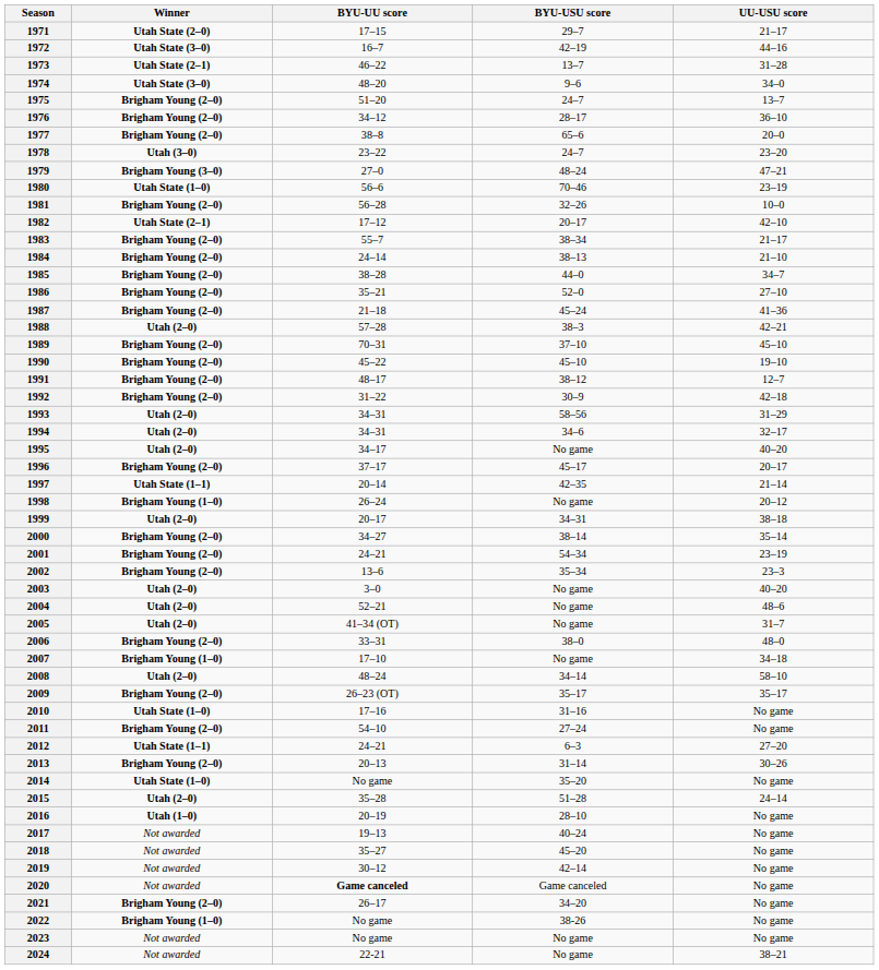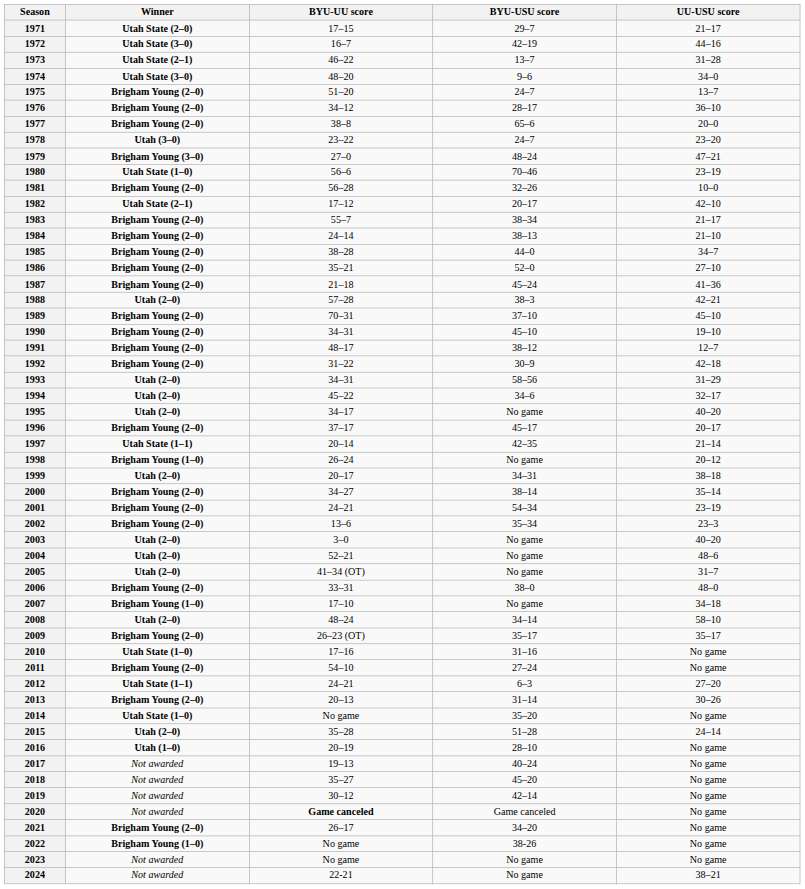 <table class="wikitable" style=text-align:center;"margin: 1em auto 1em auto" width="100%">
 <tr>
 <th width="5%">Season</th>
 <th width="15%">Winner</th>
 <th width="15%">BYU-UU score</th>
 <th width="15%">BYU-USU score</th>
 <th width="15%">UU-USU score</th>
 </tr>
 <tr>
 <th>1971</th>
 <td style=><strong>Utah State (2–0)</strong></td>
 <td style=>17–15</td>
 <td style=>29–7</td>
 <td style=>21–17</td>
 </tr>
 <tr>
 <th>1972</th>
 <td style=><strong>Utah State (3–0)</strong></td>
 <td style=>16–7</td>
 <td style=>42–19</td>
 <td style=>44–16</td>
 </tr>
 <tr>
 <th>1973</th>
 <td style=><strong>Utah State (2–1)</strong><br></td>
 <td style=>46–22</td>
 <td style=>13–7</td>
 <td style=>31–28</td>
 </tr>
 <tr>
 <th>1974</th>
 <td style=><strong>Utah State (3–0)</strong></td>
 <td style=>48–20</td>
 <td style=>9–6</td>
 <td style=>34–0</td>
 </tr>
 <tr>
 <th>1975</th>
 <td style=><strong>Brigham Young (2–0)</strong></td>
 <td style=>51–20</td>
 <td style=>24–7</td>
 <td style=>13–7</td>
 </tr>
 <tr>
 <th>1976</th>
 <td style=><strong>Brigham Young (2–0)</strong></td>
 <td style=>34–12</td>
 <td style=>28–17</td>
 <td style=>36–10</td>
 </tr>
 <tr>
 <th>1977</th>
 <td style=> <strong>Brigham Young (2–0)</strong></td>
 <td style=>38–8<br></td>
 <td style=>65–6<br></td>
 <td style=>20–0</td>
 </tr>
 <tr>
 <th>1978</th>
 <td style=><strong>Utah (3–0)</strong></td>
 <td style=>23–22</td>
 <td style=>24–7</td>
 <td style=>23–20</td>
 </tr>
 <tr>
 <th>1979</th>
 <td style=> <strong>Brigham Young (3–0)</strong></td>
 <td style=>27–0<br></td>
 <td style=>48–24<br></td>
 <td style=>47–21</td>
 </tr>
 <tr>
 <th>1980</th>
 <td style=><strong>Utah State (1–0)</strong><br></td>
 <td style=>56–6<br></td>
 <td style=>70–46</td>
 <td style=>23–19</td>
 </tr>
 <tr>
 <th>1981</th>
 <td style=> <strong>Brigham Young (2–0)</strong></td>
 <td style=>56–28<br></td>
 <td style=>32–26<br></td>
 <td style=>10–0</td>
 </tr>
 <tr>
 <th>1982</th>
 <td style=><strong>Utah State (2–1)</strong></td>
 <td style=>17–12</td>
 <td style=>20–17</td>
 <td style=>42–10</td>
 </tr>
 <tr>
 <th>1983</th>
 <td style=> <strong>Brigham Young (2–0)</strong></td>
 <td style=>55–7<br></td>
 <td style=>38–34<br></td>
 <td style=>21–17</td>
 </tr>
 <tr>
 <th>1984</th>
 <td style=> <strong>Brigham Young (2–0)</strong></td>
 <td style=>24–14<br></td>
 <td style=>38–13<br></td>
 <td style=>21–10</td>
 </tr>
 <tr>
 <th>1985</th>
 <td style=> <strong>Brigham Young (2–0)</strong></td>
 <td style=>38–28<br></td>
 <td style=>44–0<br></td>
 <td style=>34–7</td>
 </tr>
 <tr>
 <th>1986</th>
 <td style=><strong>Brigham Young (2–0)</strong></td>
 <td style=>35–21</td>
 <td style=>52–0<br></td>
 <td style=>27–10</td>
 </tr>
 <tr>
 <th>1987</th>
 <td style=><strong>Brigham Young (2–0)</strong></td>
 <td style=>21–18</td>
 <td style=>45–24</td>
 <td style=>41–36</td>
 </tr>
 <tr>
 <th>1988</th>
 <td style=><strong>Utah (2–0)</strong></td>
 <td style=>57–28</td>
 <td style=>38–3</td>
 <td style=>42–21</td>
 </tr>
 <tr>
 <th>1989</th>
 <td style=> <strong>Brigham Young (2–0)</strong></td>
 <td style=>70–31<br></td>
 <td style=>37–10</td>
 <td style=>45–10</td>
 </tr>
 <tr>
 <th>1990</th>
 <td style=> <strong>Brigham Young (2–0)</strong></td>
-<td style=>45–22<br></td>
+<td style=>34–31<br></td>
 <td style=>45–10<br></td>
 <td style=>19–10</td>
 </tr>
 <tr>
 <th>1991</th>
 <td style=> <strong>Brigham Young (2–0)</strong></td>
 <td style=>48–17</td>
 <td style=>38–12</td>
 <td style=>12–7</td>
 </tr>
 <tr>
 <th>1992</th>
 <td style=><strong>Brigham Young (2–0)</strong></td>
 <td style=>31–22</td>
 <td style=>30–9</td>
 <td style=>42–18</td>
 </tr>
 <tr>
 <th>1993</th>
 <td style=><strong>Utah (2–0)</strong></td>
 <td style=>34–31</td>
 <td style=>58–56</td>
 <td style=>31–29</td>
 </tr>
 <tr>
 <th>1994</th>
 <td style=> <strong>Utah (2–0)</strong></td>
-<td style=>34–31<br></td>
+<td style=>45–22<br></td>
 <td style=>34–6</td>
 <td style=>32–17</td>
 </tr>
 <tr>
 <th>1995</th>
 <td style=><strong>Utah (2–0)</strong></td>
 <td style=>34–17</td>
 <td>No game</td>
 <td style=>40–20</td>
 </tr>
 <tr>
 <th>1996</th>
 <td style=> <strong>Brigham Young (2–0)</strong></td>
 <td style=>37–17<br></td>
 <td style=>45–17<br></td>
 <td style=>20–17</td>
 </tr>
 <tr>
 <th>1997</th>
 <td style=><strong>Utah State (1–1)</strong><br></td>
 <td style=>20–14</td>
 <td style=>42–35<br></td>
 <td style=>21–14</td>
 </tr>
 <tr>
 <th>1998</th>
 <td style=><strong>Brigham Young (1–0)</strong></td>
 <td style=>26–24</td>
 <td>No game</td>
 <td style=>20–12</td>
 </tr>
 <tr>
 <th>1999</th>
 <td style=><strong>Utah (2–0)</strong></td>
 <td style=>20–17<br></td>
 <td style=>34–31</td>
 <td style=>38–18</td>
 </tr>
 <tr>
 <th>2000</th>
 <td style=><strong>Brigham Young (2–0)</strong></td>
 <td style=>34–27</td>
 <td style=>38–14</td>
 <td style=>35–14</td>
 </tr>
 <tr>
 <th>2001</th>
 <td style=> <strong>Brigham Young (2–0)</strong></td>
 <td style=>24–21<br></td>
 <td style=>54–34<br></td>
 <td style=>23–19</td>
 </tr>
 <tr>
 <th>2002</th>
 <td style=><strong>Brigham Young (2–0)</strong></td>
 <td style=>13–6</td>
 <td style=>35–34</td>
 <td style=>23–3</td>
 </tr>
 <tr>
 <th>2003</th>
 <td style=> <strong>Utah (2–0)</strong></td>
 <td style=>3–0</td>
 <td>No game</td>
 <td style=>40–20</td>
 </tr>
 <tr>
 <th>2004</th>
 <td style=> <strong>Utah (2–0)</strong></td>
 <td style=>52–21<br></td>
 <td>No game</td>
 <td style=>48–6<br></td>
 </tr>
 <tr>
 <th>2005</th>
 <td style=><strong>Utah (2–0)</strong></td>
 <td style=>41–34 (OT)</td>
 <td>No game</td>
 <td style=>31–7</td>
 </tr>
 <tr>
 <th>2006</th>
 <td style=> <strong>Brigham Young (2–0)</strong></td>
 <td style=>33–31<br></td>
 <td style=>38–0</td>
 <td style=>48–0</td>
 </tr>
 <tr>
 <th>2007</th>
 <td style=> <strong>Brigham Young (1–0)</strong></td>
 <td style=>17–10<br></td>
 <td>No game</td>
 <td style=>34–18</td>
 </tr>
 <tr>
 <th>2008</th>
 <td style=> <strong>Utah (2–0)</strong></td>
 <td style=>48–24<br></td>
 <td style=>34–14<br></td>
 <td style=>58–10<br></td>
 </tr>
 <tr>
 <th>2009</th>
 <td style=> <strong>Brigham Young (2–0)</strong></td>
 <td style=>26–23 (OT)<br></td>
 <td style=>35–17<br></td>
 <td style=>35–17<br></td>
 </tr>
 <tr>
 <th>2010</th>
 <td style=><strong>Utah State (1–0)</strong><br></td>
 <td style=>17–16<br></td>
 <td style=>31–16</td>
 <td>No game</td>
 </tr>
 <tr>
 <th>2011</th>
 <td style=> <strong>Brigham Young (2–0)</strong></td>
 <td style=>54–10</td>
 <td style=>27–24</td>
 <td>No game</td>
 </tr>
 <tr>
 <th>2012</th>
 <td style=> <strong>Utah State (1–1)</strong><br></td>
 <td style=>24–21<br></td>
 <td style=>6–3</td>
 <td style=>27–20</td>
 </tr>
 <tr>
 <th>2013</th>
 <td style=> <strong>Brigham Young (2–0)</strong></td>
 <td style=>20–13</td>
 <td style=>31–14</td>
 <td style=>30–26</td>
 </tr>
 <tr>
 <th>2014</th>
 <td style=><strong>Utah State (1–0)</strong></td>
 <td>No game</td>
 <td style=>35–20 <br></td>
 <td>No game</td>
 </tr>
 <tr>
 <th>2015</th>
 <td style=> <strong>Utah (2–0)</strong></td>
 <td style=>35–28<br> </td>
 <td style=>51–28</td>
 <td style=>24–14<br></td>
 </tr>
 <tr>
 <th>2016</th>
 <td style=> <strong>Utah (1–0)</strong></td>
 <td style=>20–19</td>
 <td style=>28–10</td>
 <td>No game</td>
 </tr>
 <tr>
 <th>2017</th>
 <td><em>Not awarded</em></td>
 <td style=>19–13</td>
 <td style=>40–24</td>
 <td>No game</td>
 </tr>
 <tr>
 <th>2018</th>
 <td><em>Not awarded</em></td>
 <td style=>35–27<br></td>
 <td style=>45–20</td>
 <td>No game</td>
 </tr>
 <tr>
 <th>2019</th>
 <td><em>Not awarded</em></td>
 <td style=>30–12<br></td>
 <td style=>42–14</td>
 <td>No game</td>
 </tr>
 <tr>
 <th>2020</th>
 <td><em>Not awarded</em></td>
 <td><strong>Game canceled</strong></td>
 <td>Game canceled</td>
 <td>No game</td>
 </tr>
 <tr>
 <th>2021</th>
 <td style=> <strong>Brigham Young (2–0)</strong></td>
 <td style=>26–17<br></td>
 <td style=>34–20<br></td>
 <td>No game</td>
 </tr>
 <tr>
 <th>2022</th>
 <td style=><strong>Brigham Young (1–0)</strong></td>
 <td>No game</td>
 <td style=>38-26<br></td>
 <td>No game</td>
 </tr>
 <tr>
 <th>2023</th>
 <td><em>Not awarded</em></td>
 <td>No game</td>
 <td>No game</td>
 <td>No game</td>
 </tr>
 <tr>
 <th>2024</th>
 <td><em>Not awarded</em></td>
 <td style=>22-21<br></td>
 <td>No game</td>
 <td style=>38–21<br></td>
 </tr>
 </table>
